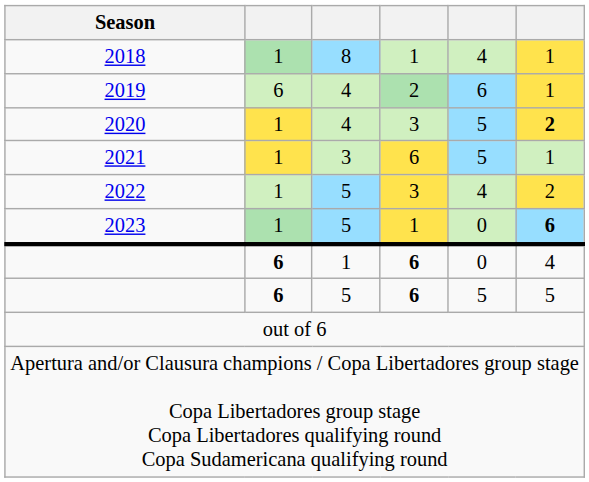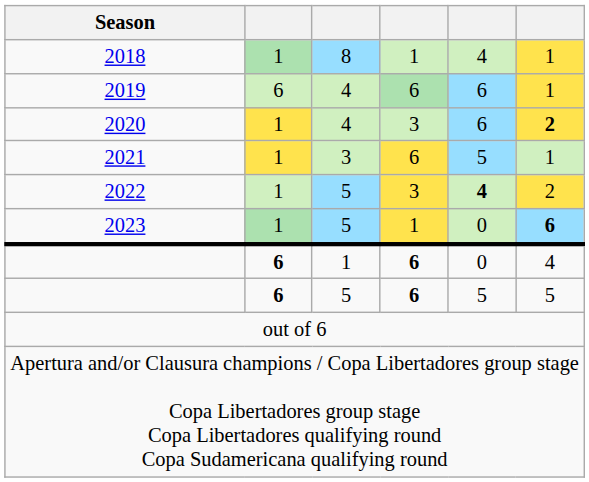 <table class="wikitable sortable" style="text-align:center;font-size:90%;float:right;margin-left:1em;clear:right">
 <tr>
 <th>Season</th>
 <th></th>
 <th></th>
 <th></th>
 <th></th>
 <th></th>
 </tr>
 <tr>
 <td><a href='#'>2018</a></td>
 <td style="background:#ACE1AF">1</td>
 <td style="background:#97DEFF">8</td>
 <td style="background:#D0F0C0">1</td>
 <td style="background:#D0F0C0">4</td>
 <td style="background:#FFE34D">1</td>
 </tr>
 <tr>
 <td><a href='#'>2019</a></td>
 <td style="background:#D0F0C0">6</td>
 <td style="background:#D0F0C0">4</td>
-<td style="background:#ACE1AF">2</td>
+<td style="background:#ACE1AF">6</td>
 <td style="background:#97DEFF">6</td>
 <td style="background:#FFE34D">1</td>
 </tr>
 <tr>
 <td><a href='#'>2020</a></td>
 <td style="background:#FFE34D">1</td>
 <td style="background:#D0F0C0">4</td>
 <td style="background:#D0F0C0">3</td>
-<td style="background:#97DEFF">5</td>
+<td style="background:#97DEFF">6</td>
 <td style="background:#FFE34D"><strong>2</strong></td>
 </tr>
 <tr>
 <td><a href='#'>2021</a></td>
 <td style="background:#FFE34D">1</td>
 <td style="background:#D0F0C0">3</td>
 <td style="background:#FFE34D">6</td>
 <td style="background:#97DEFF">5</td>
 <td style="background:#D0F0C0">1</td>
 </tr>
 <tr>
 <td><a href='#'>2022</a></td>
 <td style="background:#D0F0C0">1</td>
 <td style="background:#97DEFF">5</td>
 <td style="background:#FFE34D">3</td>
-<td style="background:#D0F0C0">4</td>
+<td style="background:#D0F0C0"><strong>4</strong></td>
 <td style="background:#FFE34D">2</td>
 </tr>
 <tr>
 <td><a href='#'>2023</a></td>
 <td style="background:#ACE1AF">1</td>
 <td style="background:#97DEFF">5</td>
 <td style="background:#FFE34D">1</td>
 <td style="background:#D0F0C0">0</td>
 <td style="background:#97DEFF"><strong>6</strong></td>
 </tr>
 <tr style="border-top:3px solid black" class="sortbottom">
 <td><strong></strong></td>
 <td><strong>6</strong></td>
 <td>1</td>
 <td><strong>6</strong></td>
 <td>0</td>
 <td>4</td>
 </tr>
 <tr class="sortbottom">
 <td><strong></strong></td>
 <td><strong>6</strong></td>
 <td>5</td>
 <td><strong>6</strong></td>
 <td>5</td>
 <td>5</td>
 </tr>
 <tr class="sortbottom">
 <td colspan="7">out of 6</td>
 </tr>
 <tr class="sortbottom">
 <td colspan="7"> Apertura and/or Clausura champions / Copa Libertadores group stage<br><br> Copa Libertadores group stage<br>  Copa Libertadores qualifying round<br>  Copa Sudamericana qualifying round</td>
 </tr>
 </table>
